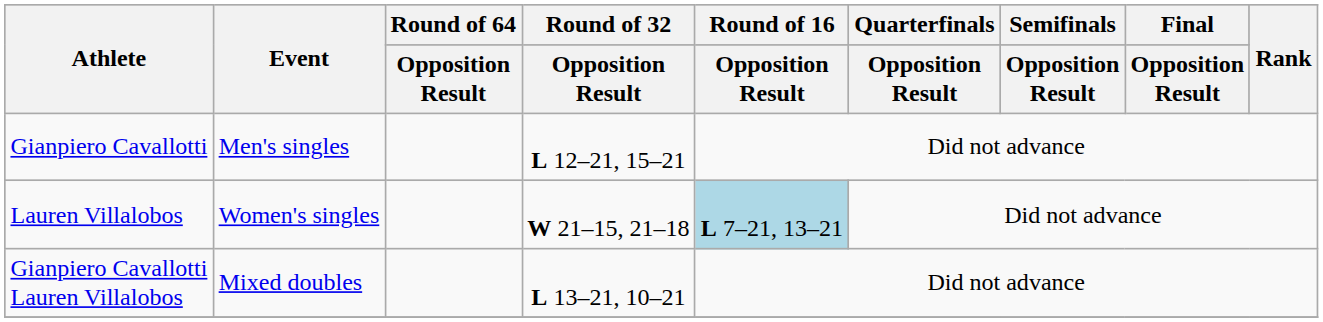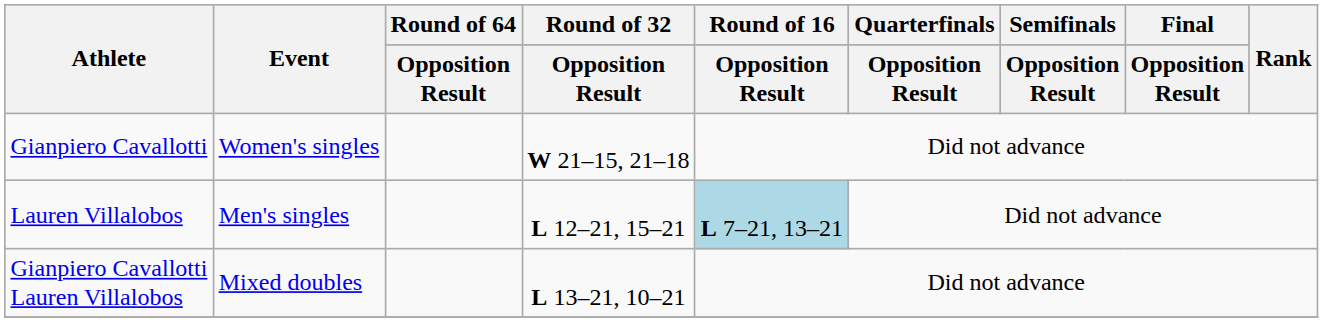 <table class="wikitable" style="font-size:90%">
 <tr>
 <th rowspan="2">Athlete</th>
 <th rowspan="2">Event</th>
 <th>Round of 64</th>
 <th>Round of 32</th>
 <th>Round of 16</th>
 <th>Quarterfinals</th>
 <th>Semifinals</th>
 <th>Final</th>
 <th rowspan="2">Rank</th>
 </tr>
 <tr>
 <th>Opposition<br>Result</th>
 <th>Opposition<br>Result</th>
 <th>Opposition<br>Result</th>
 <th>Opposition<br>Result</th>
 <th>Opposition<br>Result</th>
 <th>Opposition<br>Result</th>
 </tr>
 <tr align=center>
 <td align=left><a href='#'>Gianpiero Cavallotti</a></td>
-<td align=left><a href='#'>Men's singles</a></td>
+<td align=left><a href='#'>Women's singles</a></td>
 <td></td>
-<td><br><strong>L</strong> 12–21, 15–21</td>
+<td><br><strong>W</strong> 21–15, 21–18</td>
 <td colspan=5>Did not advance</td>
 </tr>
 <tr align=center>
 <td align=left><a href='#'>Lauren Villalobos</a></td>
-<td align=left><a href='#'>Women's singles</a></td>
+<td align=left><a href='#'>Men's singles</a></td>
 <td></td>
-<td><br><strong>W</strong> 21–15, 21–18</td>
+<td><br><strong>L</strong> 12–21, 15–21</td>
 <td style="background: lightblue;"><br><strong>L</strong> 7–21, 13–21</td>
 <td colspan=4>Did not advance</td>
 </tr>
 <tr align=center>
 <td align=left><a href='#'>Gianpiero Cavallotti</a><br><a href='#'>Lauren Villalobos</a></td>
 <td align=left><a href='#'>Mixed doubles</a></td>
 <td></td>
 <td><br> <strong>L</strong> 13–21, 10–21</td>
 <td colspan=5>Did not advance</td>
 </tr>
 <tr align=center>
 </tr>
 </table>
